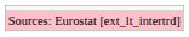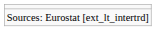 <table class="wikitable">
 <tr>
 <td></td>
 </tr>
 <tr>
-<td style="background: pink;">Sources: Eurostat [ext_lt_intertrd]</td>
+<td>Sources: Eurostat [ext_lt_intertrd]</td>
 </tr>
 </table>
